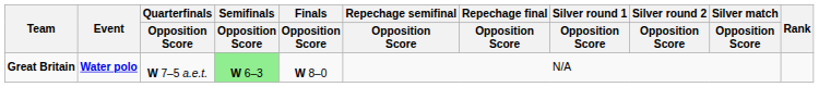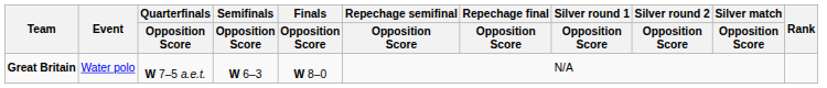 <table class=wikitable style="font-size:90%">
 <tr>
 <th rowspan="2">Team</th>
 <th rowspan="2">Event</th>
 <th>Quarterfinals</th>
 <th>Semifinals</th>
 <th>Finals</th>
 <th>Repechage semifinal</th>
 <th>Repechage final</th>
 <th>Silver round 1</th>
 <th>Silver round 2</th>
 <th>Silver match</th>
 <th rowspan=2>Rank</th>
 </tr>
 <tr>
 <th>Opposition<br>Score</th>
 <th>Opposition<br>Score</th>
 <th>Opposition<br>Score</th>
 <th>Opposition<br>Score</th>
 <th>Opposition<br>Score</th>
 <th>Opposition<br>Score</th>
 <th>Opposition<br>Score</th>
 <th>Opposition<br>Score</th>
 </tr>
 <tr>
 <td><strong>Great Britain</strong></td>
-<td><strong><a href='#'>Water polo</a></strong></td>
+<td><a href='#'>Water polo</a></td>
 <td align=center> <br> <strong>W</strong> 7–5 <em>a.e.t.</em></td>
-<td align=center style="background: lightgreen;"> <br> <strong>W</strong> 6–3</td>
+<td align=center> <br> <strong>W</strong> 6–3</td>
 <td align=center> <br> <strong>W</strong> 8–0</td>
 <td align=center colspan=5>N/A</td>
 <td align=center></td>
 </tr>
 </table>
